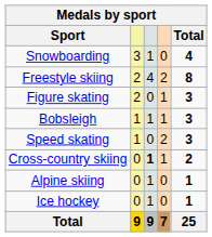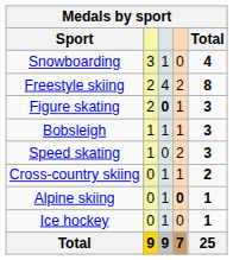 <table class=wikitable style=font-size:85%;float:right;text-align:center>
 <tr>
 <th colspan=5>Medals by sport</th>
 </tr>
 <tr>
 <th>Sport</th>
 <td bgcolor=F7F6A8></td>
 <td bgcolor=DCE5E5></td>
 <td bgcolor=FFDAB9></td>
 <th>Total</th>
 </tr>
 <tr>
 <td><a href='#'>Snowboarding</a></td>
 <td bgcolor=F7F6A8>3</td>
 <td bgcolor=DCE5E5>1</td>
 <td bgcolor=FFDAB9>0</td>
 <td><strong>4</strong></td>
 </tr>
 <tr>
 <td><a href='#'>Freestyle skiing</a></td>
 <td bgcolor=F7F6A8>2</td>
 <td bgcolor=DCE5E5>4</td>
 <td bgcolor=FFDAB9>2</td>
 <td><strong>8</strong></td>
 </tr>
 <tr>
 <td><a href='#'>Figure skating</a></td>
 <td bgcolor=F7F6A8>2</td>
-<td bgcolor=DCE5E5>0</td>
+<td bgcolor=DCE5E5><strong>0</strong></td>
 <td bgcolor=FFDAB9>1</td>
 <td><strong>3</strong></td>
 </tr>
 <tr>
 <td><a href='#'>Bobsleigh</a></td>
 <td bgcolor=F7F6A8>1</td>
 <td bgcolor=DCE5E5>1</td>
 <td bgcolor=FFDAB9>1</td>
 <td><strong>3</strong></td>
 </tr>
 <tr>
 <td><a href='#'>Speed skating</a></td>
 <td bgcolor=F7F6A8>1</td>
 <td bgcolor=DCE5E5>0</td>
 <td bgcolor=FFDAB9>2</td>
 <td><strong>3</strong></td>
 </tr>
 <tr>
 <td><a href='#'>Cross-country skiing</a></td>
 <td bgcolor=F7F6A8>0</td>
-<td bgcolor=DCE5E5><strong>1</strong></td>
+<td bgcolor=DCE5E5>1</td>
 <td bgcolor=FFDAB9>1</td>
 <td><strong>2</strong></td>
 </tr>
 <tr>
 <td><a href='#'>Alpine skiing</a></td>
 <td bgcolor=F7F6A8>0</td>
 <td bgcolor=DCE5E5>1</td>
-<td bgcolor=FFDAB9>0</td>
+<td bgcolor=FFDAB9><strong>0</strong></td>
 <td><strong>1</strong></td>
 </tr>
 <tr>
 <td><a href='#'>Ice hockey</a></td>
 <td bgcolor=F7F6A8>0</td>
 <td bgcolor=DCE5E5>1</td>
 <td bgcolor=FFDAB9>0</td>
 <td><strong>1</strong></td>
 </tr>
 <tr>
 <th>Total</th>
 <th style=background:gold>9</th>
 <th style=background:silver>9</th>
 <th style=background:#c96>7</th>
 <th>25</th>
 </tr>
 </table>
